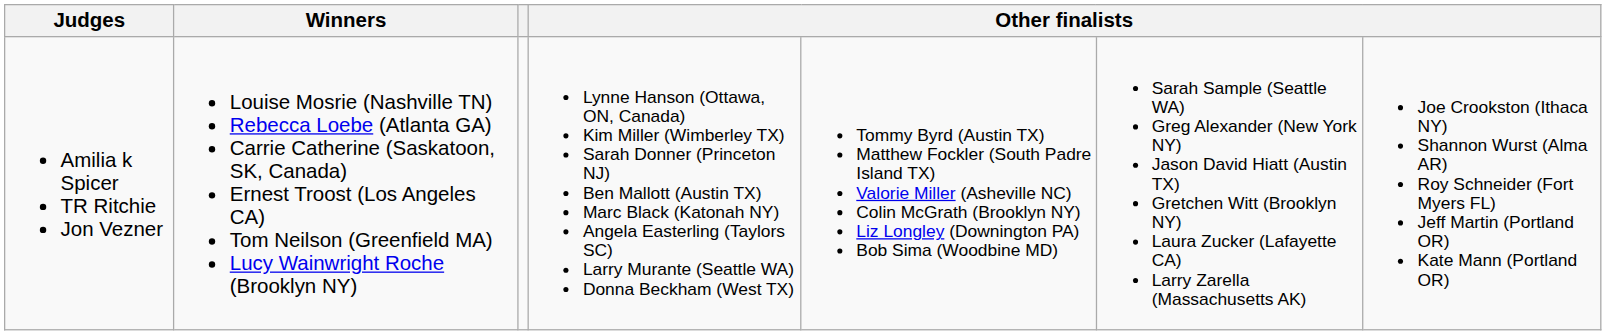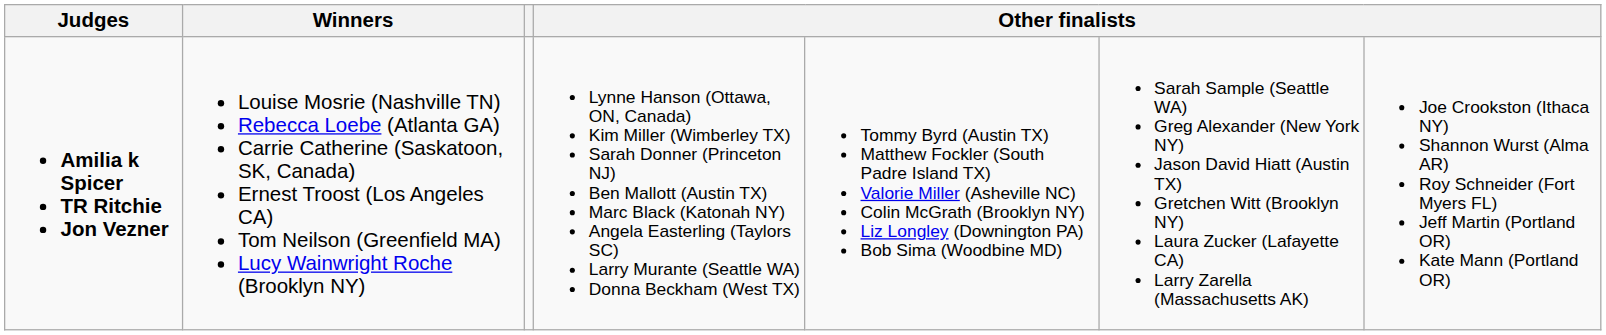 <table class="wikitable mw-collapsible mw-collapsed" style="text-align:left">
 <tr>
 <th>Judges</th>
 <th>Winners</th>
 <th></th>
 <th colspan="4" align="center">Other finalists</th>
 </tr>
 <tr>
-<td><br><ul><li>Amilia k Spicer</li><li>TR Ritchie</li><li>Jon Vezner</li></ul></td>
+<td><strong><br><ul><li>Amilia k Spicer</li><li>TR Ritchie</li><li>Jon Vezner</li></ul></strong></td>
 <td><br><ul><li>Louise Mosrie (Nashville TN)</li><li><a href='#'>Rebecca Loebe</a> (Atlanta GA)</li><li>Carrie Catherine (Saskatoon, SK, Canada)</li><li>Ernest Troost (Los Angeles CA)</li><li>Tom Neilson (Greenfield MA)</li><li><a href='#'>Lucy Wainwright Roche</a> (Brooklyn NY)</li></ul></td>
 <td></td>
 <td style="font-size:85%"><br><ul><li>Lynne Hanson (Ottawa, ON, Canada)</li><li>Kim Miller (Wimberley TX)</li><li>Sarah Donner (Princeton NJ)</li><li>Ben Mallott (Austin TX)</li><li>Marc Black (Katonah NY)</li><li>Angela Easterling (Taylors SC)</li><li>Larry Murante (Seattle WA)</li><li>Donna Beckham (West TX)</li></ul></td>
 <td style="font-size:85%"><br><ul><li>Tommy Byrd (Austin TX)</li><li>Matthew Fockler (South Padre Island TX)</li><li><a href='#'>Valorie Miller</a> (Asheville NC)</li><li>Colin McGrath (Brooklyn NY)</li><li><a href='#'>Liz Longley</a> (Downington PA)</li><li>Bob Sima (Woodbine MD)</li></ul></td>
 <td style="font-size:85%"><br><ul><li>Sarah Sample (Seattle WA)</li><li>Greg Alexander (New York NY)</li><li>Jason David Hiatt (Austin TX)</li><li>Gretchen Witt (Brooklyn NY)</li><li>Laura Zucker (Lafayette CA)</li><li>Larry Zarella (Massachusetts AK)</li></ul></td>
 <td style="font-size:85%"><br><ul><li>Joe Crookston (Ithaca NY)</li><li>Shannon Wurst (Alma AR)</li><li>Roy Schneider (Fort Myers FL)</li><li>Jeff Martin (Portland OR)</li><li>Kate Mann (Portland OR)</li></ul></td>
 </tr>
 </table>
